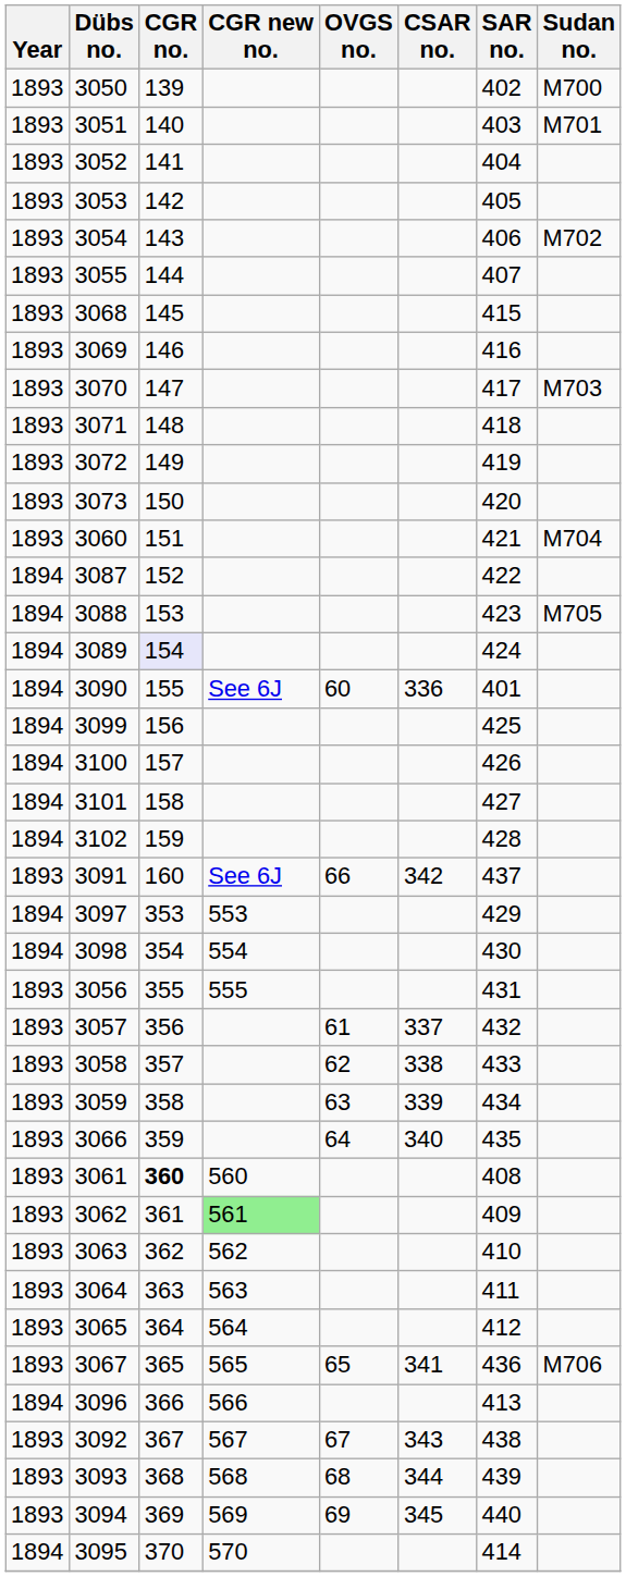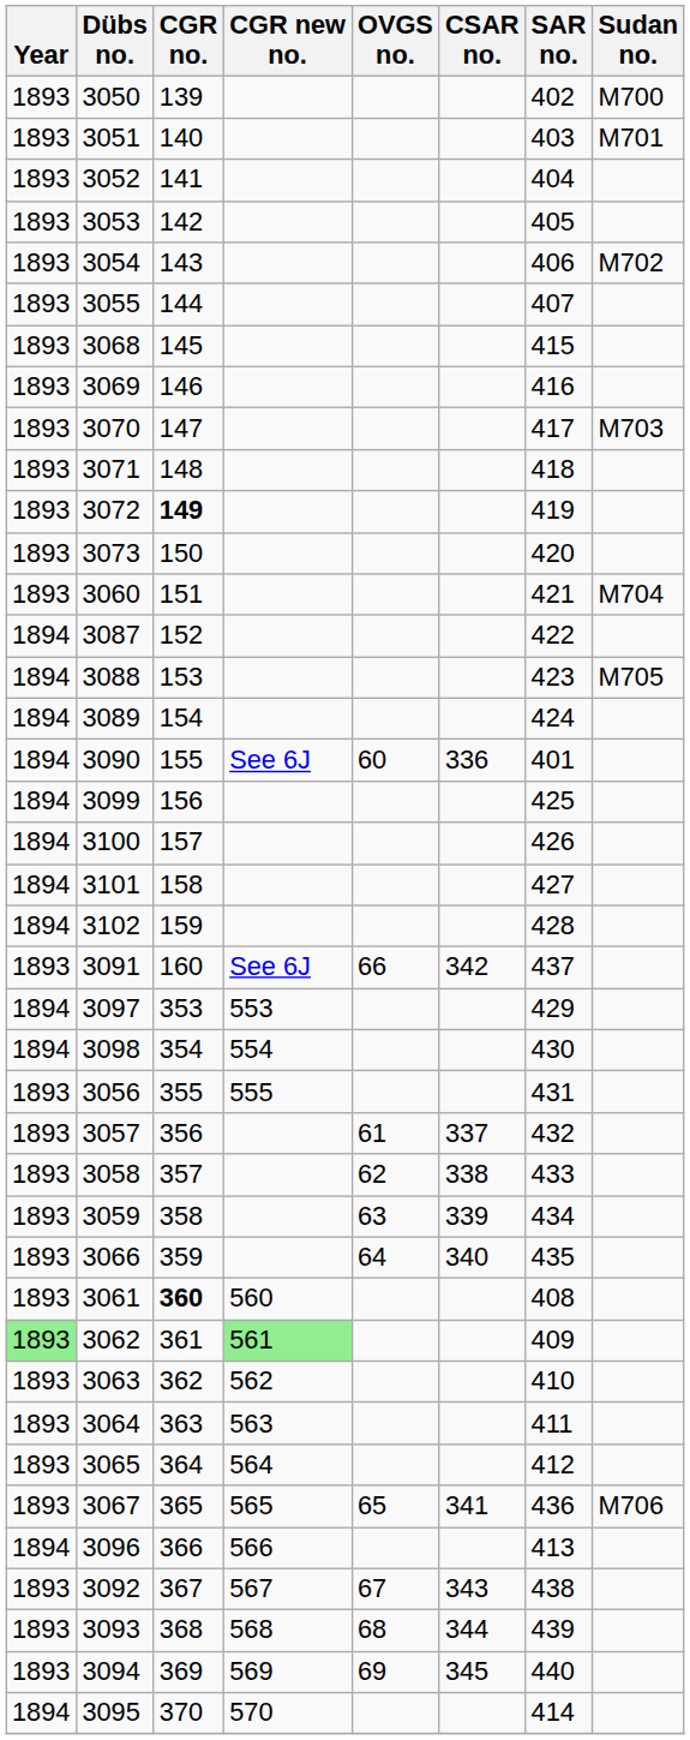 <table class="wikitable collapsible collapsed sortable" style="margin:0.5em auto; font-size:100%;">
 <tr>
 <th><br>Year</th>
 <th>Dübs<br>no.</th>
 <th>CGR<br>no.</th>
 <th>CGR new<br>no.</th>
 <th>OVGS<br>no.</th>
 <th>CSAR<br>no.</th>
 <th>SAR<br>no.</th>
 <th>Sudan<br>no.</th>
 </tr>
 <tr>
 <td>1893</td>
 <td>3050</td>
 <td>139</td>
 <td></td>
 <td></td>
 <td></td>
 <td>402</td>
 <td>M700</td>
 </tr>
 <tr>
 <td>1893</td>
 <td>3051</td>
 <td>140</td>
 <td></td>
 <td></td>
 <td></td>
 <td>403</td>
 <td>M701</td>
 </tr>
 <tr>
 <td>1893</td>
 <td>3052</td>
 <td>141</td>
 <td></td>
 <td></td>
 <td></td>
 <td>404</td>
 <td></td>
 </tr>
 <tr>
 <td>1893</td>
 <td>3053</td>
 <td>142</td>
 <td></td>
 <td></td>
 <td></td>
 <td>405</td>
 <td></td>
 </tr>
 <tr>
 <td>1893</td>
 <td>3054</td>
 <td>143</td>
 <td></td>
 <td></td>
 <td></td>
 <td>406</td>
 <td>M702</td>
 </tr>
 <tr>
 <td>1893</td>
 <td>3055</td>
 <td>144</td>
 <td></td>
 <td></td>
 <td></td>
 <td>407</td>
 <td></td>
 </tr>
 <tr>
 <td>1893</td>
 <td>3068</td>
 <td>145</td>
 <td></td>
 <td></td>
 <td></td>
 <td>415</td>
 <td></td>
 </tr>
 <tr>
 <td>1893</td>
 <td>3069</td>
 <td>146</td>
 <td></td>
 <td></td>
 <td></td>
 <td>416</td>
 <td></td>
 </tr>
 <tr>
 <td>1893</td>
 <td>3070</td>
 <td>147</td>
 <td></td>
 <td></td>
 <td></td>
 <td>417</td>
 <td>M703</td>
 </tr>
 <tr>
 <td>1893</td>
 <td>3071</td>
 <td>148</td>
 <td></td>
 <td></td>
 <td></td>
 <td>418</td>
 <td></td>
 </tr>
 <tr>
 <td>1893</td>
 <td>3072</td>
-<td>149</td>
+<td><strong>149</strong></td>
 <td></td>
 <td></td>
 <td></td>
 <td>419</td>
 <td></td>
 </tr>
 <tr>
 <td>1893</td>
 <td>3073</td>
 <td>150</td>
 <td></td>
 <td></td>
 <td></td>
 <td>420</td>
 <td></td>
 </tr>
 <tr>
 <td>1893</td>
 <td>3060</td>
 <td>151</td>
 <td></td>
 <td></td>
 <td></td>
 <td>421</td>
 <td>M704</td>
 </tr>
 <tr>
 <td>1894</td>
 <td>3087</td>
 <td>152</td>
 <td></td>
 <td></td>
 <td></td>
 <td>422</td>
 <td></td>
 </tr>
 <tr>
 <td>1894</td>
 <td>3088</td>
 <td>153</td>
 <td></td>
 <td></td>
 <td></td>
 <td>423</td>
 <td>M705</td>
 </tr>
 <tr>
 <td>1894</td>
 <td>3089</td>
-<td style="background: lavender;">154</td>
+<td>154</td>
 <td></td>
 <td></td>
 <td></td>
 <td>424</td>
 <td></td>
 </tr>
 <tr>
 <td>1894</td>
 <td>3090</td>
 <td>155</td>
 <td><a href='#'>See 6J</a></td>
 <td>60</td>
 <td>336</td>
 <td>401</td>
 <td></td>
 </tr>
 <tr>
 <td>1894</td>
 <td>3099</td>
 <td>156</td>
 <td></td>
 <td></td>
 <td></td>
 <td>425</td>
 <td></td>
 </tr>
 <tr>
 <td>1894</td>
 <td>3100</td>
 <td>157</td>
 <td></td>
 <td></td>
 <td></td>
 <td>426</td>
 <td></td>
 </tr>
 <tr>
 <td>1894</td>
 <td>3101</td>
 <td>158</td>
 <td></td>
 <td></td>
 <td></td>
 <td>427</td>
 <td></td>
 </tr>
 <tr>
 <td>1894</td>
 <td>3102</td>
 <td>159</td>
 <td></td>
 <td></td>
 <td></td>
 <td>428</td>
 <td></td>
 </tr>
 <tr>
 <td>1893</td>
 <td>3091</td>
 <td>160</td>
 <td><a href='#'>See 6J</a></td>
 <td>66</td>
 <td>342</td>
 <td>437</td>
 <td></td>
 </tr>
 <tr>
 <td>1894</td>
 <td>3097</td>
 <td>353</td>
 <td>553</td>
 <td></td>
 <td></td>
 <td>429</td>
 <td></td>
 </tr>
 <tr>
 <td>1894</td>
 <td>3098</td>
 <td>354</td>
 <td>554</td>
 <td></td>
 <td></td>
 <td>430</td>
 <td></td>
 </tr>
 <tr>
 <td>1893</td>
 <td>3056</td>
 <td>355</td>
 <td>555</td>
 <td></td>
 <td></td>
 <td>431</td>
 <td></td>
 </tr>
 <tr>
 <td>1893</td>
 <td>3057</td>
 <td>356</td>
 <td></td>
 <td>61</td>
 <td>337</td>
 <td>432</td>
 <td></td>
 </tr>
 <tr>
 <td>1893</td>
 <td>3058</td>
 <td>357</td>
 <td></td>
 <td>62</td>
 <td>338</td>
 <td>433</td>
 <td></td>
 </tr>
 <tr>
 <td>1893</td>
 <td>3059</td>
 <td>358</td>
 <td></td>
 <td>63</td>
 <td>339</td>
 <td>434</td>
 <td></td>
 </tr>
 <tr>
 <td>1893</td>
 <td>3066</td>
 <td>359</td>
 <td></td>
 <td>64</td>
 <td>340</td>
 <td>435</td>
 <td></td>
 </tr>
 <tr>
 <td>1893</td>
 <td>3061</td>
 <td><strong>360</strong></td>
 <td>560</td>
 <td></td>
 <td></td>
 <td>408</td>
 <td></td>
 </tr>
 <tr>
-<td>1893</td>
+<td style="background: lightgreen;">1893</td>
 <td>3062</td>
 <td>361</td>
 <td style="background: lightgreen;">561</td>
 <td></td>
 <td></td>
 <td>409</td>
 <td></td>
 </tr>
 <tr>
 <td>1893</td>
 <td>3063</td>
 <td>362</td>
 <td>562</td>
 <td></td>
 <td></td>
 <td>410</td>
 <td></td>
 </tr>
 <tr>
 <td>1893</td>
 <td>3064</td>
 <td>363</td>
 <td>563</td>
 <td></td>
 <td></td>
 <td>411</td>
 <td></td>
 </tr>
 <tr>
 <td>1893</td>
 <td>3065</td>
 <td>364</td>
 <td>564</td>
 <td></td>
 <td></td>
 <td>412</td>
 <td></td>
 </tr>
 <tr>
 <td>1893</td>
 <td>3067</td>
 <td>365</td>
 <td>565</td>
 <td>65</td>
 <td>341</td>
 <td>436</td>
 <td>M706</td>
 </tr>
 <tr>
 <td>1894</td>
 <td>3096</td>
 <td>366</td>
 <td>566</td>
 <td></td>
 <td></td>
 <td>413</td>
 <td></td>
 </tr>
 <tr>
 <td>1893</td>
 <td>3092</td>
 <td>367</td>
 <td>567</td>
 <td>67</td>
 <td>343</td>
 <td>438</td>
 <td></td>
 </tr>
 <tr>
 <td>1893</td>
 <td>3093</td>
 <td>368</td>
 <td>568</td>
 <td>68</td>
 <td>344</td>
 <td>439</td>
 <td></td>
 </tr>
 <tr>
 <td>1893</td>
 <td>3094</td>
 <td>369</td>
 <td>569</td>
 <td>69</td>
 <td>345</td>
 <td>440</td>
 <td></td>
 </tr>
 <tr>
 <td>1894</td>
 <td>3095</td>
 <td>370</td>
 <td>570</td>
 <td></td>
 <td></td>
 <td>414</td>
 <td></td>
 </tr>
 <tr>
 </tr>
 </table>
